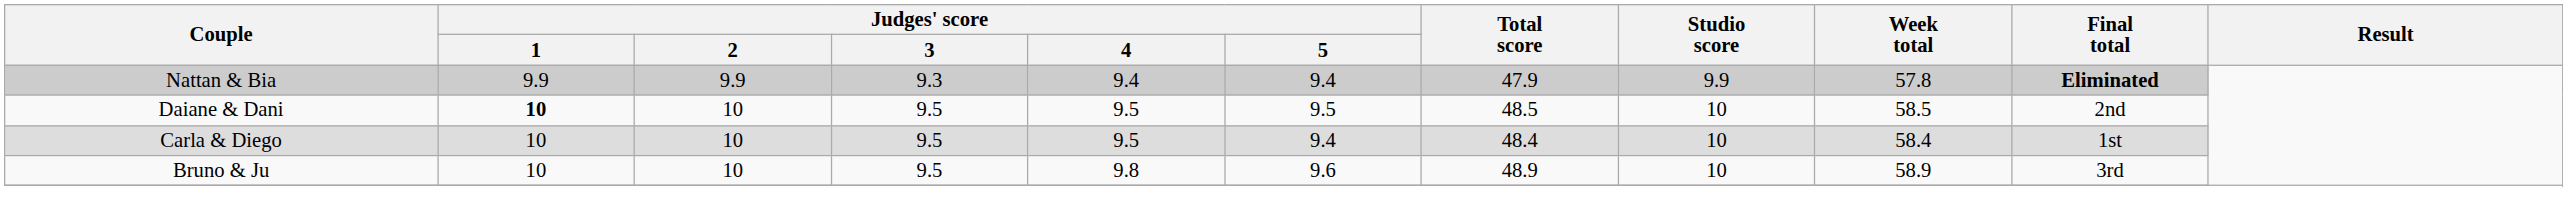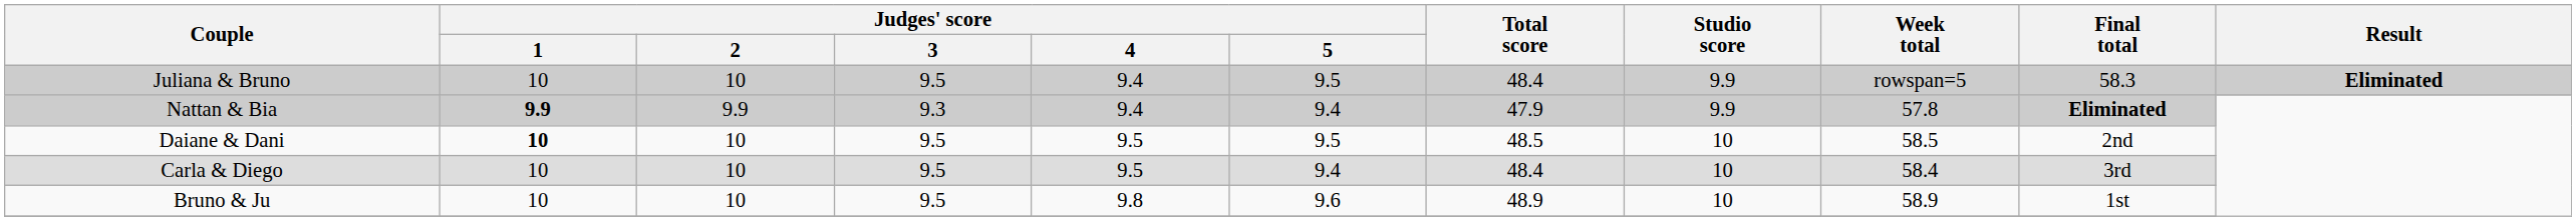 <table class="wikitable" style="font-size:100%; line-height:16px; text-align:center" width="100%">
 <tr>
 <th rowspan=2 width="11.00%">Couple</th>
 <th colspan=5 width="25.00%">Judges' score</th>
 <th rowspan=2 width="05.00%">Total<br>score</th>
 <th rowspan=2 width="05.00%">Studio<br>score</th>
 <th rowspan=2 width="05.00%">Week<br>total</th>
 <th rowspan=2 width="05.00%">Final<br>total</th>
 <th rowspan=2 width="09.00%">Result</th>
 </tr>
 <tr>
 <th width="05.00%">1</th>
 <th width="05.00%">2</th>
 <th width="05.00%">3</th>
 <th width="05.00%">4</th>
 <th width="05.00%">5</th>
 </tr>
 <tr bgcolor="CCCCCC">
+<td>Juliana & Bruno</td>
+<td>10</td>
+<td>10</td>
+<td>9.5</td>
+<td>9.4</td>
+<td>9.5</td>
+<td>48.4</td>
+<td>9.9</td>
+<td>rowspan=5 </td>
+<td>58.3</td>
+<td><strong>Eliminated</strong></td>
+</tr>
+<tr bgcolor="CCCCCC">
 <td>Nattan & Bia</td>
-<td>9.9</td>
+<td><strong>9.9</strong></td>
 <td>9.9</td>
 <td>9.3</td>
 <td>9.4</td>
 <td>9.4</td>
 <td>47.9</td>
 <td>9.9</td>
 <td>57.8</td>
 <td><strong>Eliminated</strong></td>
 </tr>
 <tr>
 <td>Daiane & Dani</td>
 <td><strong>10</strong></td>
 <td>10</td>
 <td>9.5</td>
 <td>9.5</td>
 <td>9.5</td>
 <td>48.5</td>
 <td>10</td>
 <td>58.5</td>
 <td>2nd</td>
 </tr>
 <tr bgcolor="DDDDDD">
 <td>Carla & Diego</td>
 <td>10</td>
 <td>10</td>
 <td>9.5</td>
 <td>9.5</td>
 <td>9.4</td>
 <td>48.4</td>
 <td>10</td>
 <td>58.4</td>
-<td>1st</td>
+<td>3rd</td>
 </tr>
 <tr>
 <td>Bruno & Ju</td>
 <td>10</td>
 <td>10</td>
 <td>9.5</td>
 <td>9.8</td>
 <td>9.6</td>
 <td>48.9</td>
 <td>10</td>
 <td>58.9</td>
-<td>3rd</td>
+<td>1st</td>
 </tr>
 <tr>
 </tr>
 </table>
